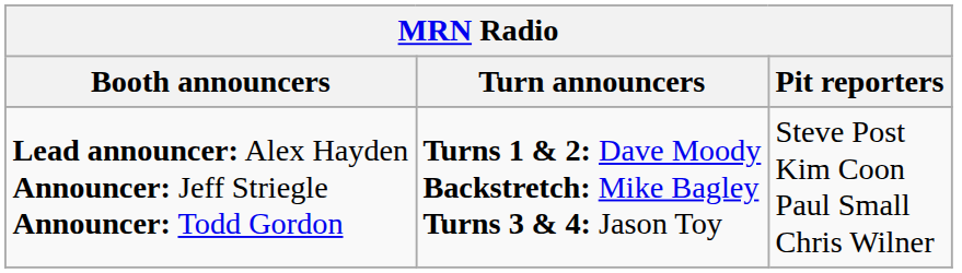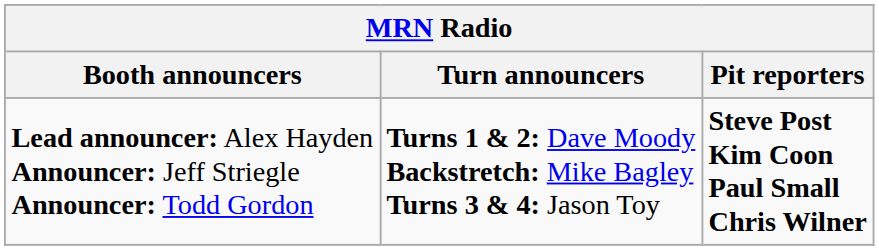 <table class="wikitable" style="font-size: 95%">
 <tr>
 <th colspan="3"><a href='#'>MRN</a> Radio</th>
 </tr>
 <tr>
 <th>Booth announcers</th>
 <th>Turn announcers</th>
 <th>Pit reporters</th>
 </tr>
 <tr>
 <td><strong>Lead announcer:</strong> Alex Hayden<br><strong>Announcer:</strong> Jeff Striegle<br><strong>Announcer:</strong> <a href='#'>Todd Gordon</a></td>
 <td><strong>Turns 1 & 2:</strong> <a href='#'>Dave Moody</a><br><strong>Backstretch:</strong> <a href='#'>Mike Bagley</a><br><strong>Turns 3 & 4:</strong> Jason Toy</td>
-<td>Steve Post<br>Kim Coon<br>Paul Small<br>Chris Wilner</td>
+<td><strong>Steve Post<br>Kim Coon<br>Paul Small<br>Chris Wilner</strong></td>
 </tr>
 </table>
